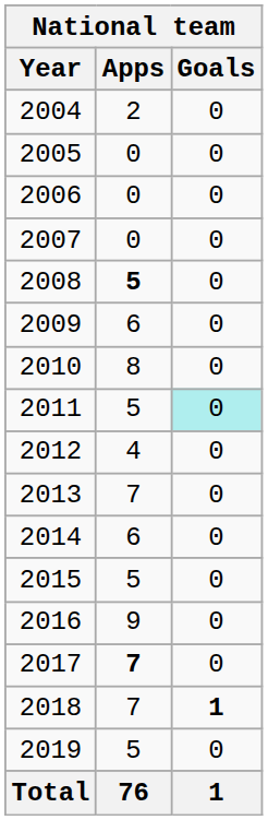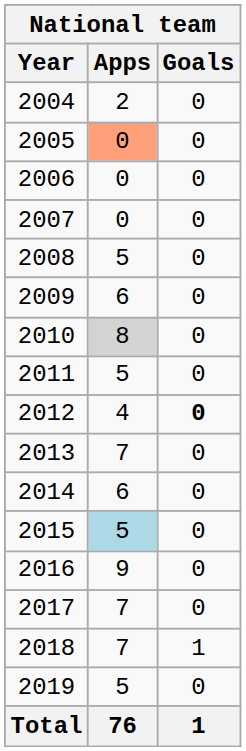 <table class="wikitable" style="text-align:center">
 <tr>
 <th colspan=3>National team</th>
 </tr>
 <tr>
 <th>Year</th>
 <th>Apps</th>
 <th>Goals</th>
 </tr>
 <tr>
 <td>2004</td>
 <td>2</td>
 <td>0</td>
 </tr>
 <tr>
 <td>2005</td>
-<td>0</td>
+<td style="background: lightsalmon;">0</td>
 <td>0</td>
 </tr>
 <tr>
 <td>2006</td>
 <td>0</td>
 <td>0</td>
 </tr>
 <tr>
 <td>2007</td>
 <td>0</td>
 <td>0</td>
 </tr>
 <tr>
 <td>2008</td>
-<td><strong>5</strong></td>
+<td>5</td>
 <td>0</td>
 </tr>
 <tr>
 <td>2009</td>
 <td>6</td>
 <td>0</td>
 </tr>
 <tr>
 <td>2010</td>
-<td>8</td>
+<td style="background: lightgrey;">8</td>
 <td>0</td>
 </tr>
 <tr>
 <td>2011</td>
 <td>5</td>
-<td style="background: paleturquoise;">0</td>
+<td>0</td>
 </tr>
 <tr>
 <td>2012</td>
 <td>4</td>
-<td>0</td>
+<td><strong>0</strong></td>
 </tr>
 <tr>
 <td>2013</td>
 <td>7</td>
 <td>0</td>
 </tr>
 <tr>
 <td>2014</td>
 <td>6</td>
 <td>0</td>
 </tr>
 <tr>
 <td>2015</td>
-<td>5</td>
+<td style="background: lightblue;">5</td>
 <td>0</td>
 </tr>
 <tr>
 <td>2016</td>
 <td>9</td>
 <td>0</td>
 </tr>
 <tr>
 <td>2017</td>
-<td><strong>7</strong></td>
+<td>7</td>
 <td>0</td>
 </tr>
 <tr>
 <td>2018</td>
 <td>7</td>
-<td><strong>1</strong></td>
+<td>1</td>
 </tr>
 <tr>
 <td>2019</td>
 <td>5</td>
 <td>0</td>
 </tr>
 <tr>
 <th>Total</th>
 <th>76</th>
 <th>1</th>
 </tr>
 </table>
